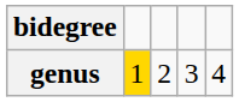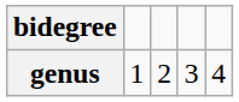 <table class="wikitable" style="text-align: center; margin: auto;">
 <tr>
 <th>bidegree</th>
 <td></td>
 <td></td>
 <td></td>
 <td></td>
 </tr>
 <tr>
 <th>genus</th>
-<td style="background: gold;">1</td>
+<td>1</td>
 <td>2</td>
 <td>3</td>
 <td>4</td>
 </tr>
 </table>
